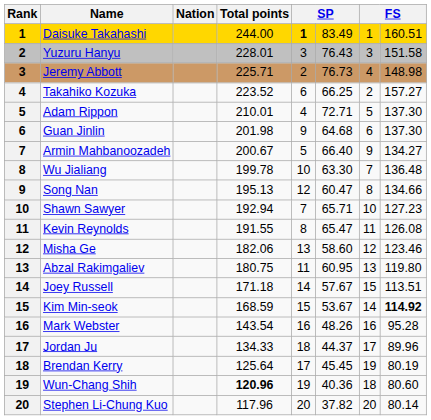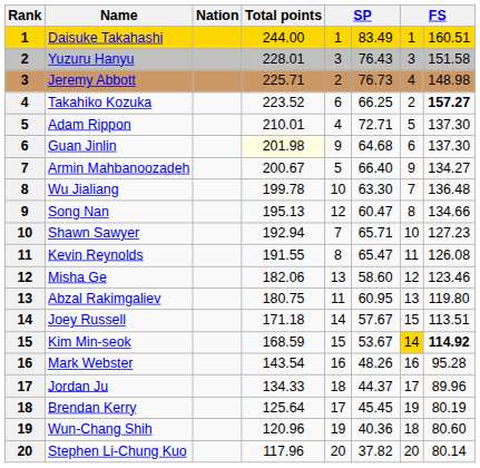 <table class="wikitable sortable">
 <tr>
 <th>Rank</th>
 <th>Name</th>
 <th>Nation</th>
 <th>Total points</th>
 <th colspan="2" width="80px"><a href='#'>SP</a></th>
 <th colspan="2" width="80px"><a href='#'>FS</a></th>
 </tr>
 <tr bgcolor="gold">
 <td align="center"><strong>1</strong></td>
 <td><a href='#'>Daisuke Takahashi</a></td>
 <td></td>
 <td align="center">244.00</td>
-<td align="center"><strong>1</strong></td>
+<td align="center">1</td>
 <td align="center">83.49</td>
 <td align="center">1</td>
 <td align="center">160.51</td>
 </tr>
 <tr bgcolor="silver">
 <td align="center"><strong>2</strong></td>
 <td><a href='#'>Yuzuru Hanyu</a></td>
 <td></td>
 <td align="center">228.01</td>
 <td align="center">3</td>
 <td align="center">76.43</td>
 <td align="center">3</td>
 <td align="center">151.58</td>
 </tr>
 <tr bgcolor="cc9966">
 <td align="center"><strong>3</strong></td>
 <td><a href='#'>Jeremy Abbott</a></td>
 <td></td>
 <td align="center">225.71</td>
 <td align="center">2</td>
 <td align="center">76.73</td>
 <td align="center">4</td>
 <td align="center">148.98</td>
 </tr>
 <tr>
 <th>4</th>
 <td><a href='#'>Takahiko Kozuka</a></td>
 <td></td>
 <td align="center">223.52</td>
 <td align="center">6</td>
 <td align="center">66.25</td>
 <td align="center">2</td>
-<td align="center">157.27</td>
+<td align="center"><strong>157.27</strong></td>
 </tr>
 <tr>
 <th>5</th>
 <td><a href='#'>Adam Rippon</a></td>
 <td></td>
 <td align="center">210.01</td>
 <td align="center">4</td>
 <td align="center">72.71</td>
 <td align="center">5</td>
 <td align="center">137.30</td>
 </tr>
 <tr>
 <th>6</th>
 <td><a href='#'>Guan Jinlin</a></td>
 <td></td>
-<td align="center">201.98</td>
+<td align="center" style="background: lightyellow;">201.98</td>
 <td align="center">9</td>
 <td align="center">64.68</td>
 <td align="center">6</td>
 <td align="center">137.30</td>
 </tr>
 <tr>
 <th>7</th>
 <td><a href='#'>Armin Mahbanoozadeh</a></td>
 <td></td>
 <td align="center">200.67</td>
 <td align="center">5</td>
 <td align="center">66.40</td>
 <td align="center">9</td>
 <td align="center">134.27</td>
 </tr>
 <tr>
 <th>8</th>
 <td><a href='#'>Wu Jialiang</a></td>
 <td></td>
 <td align="center">199.78</td>
 <td align="center">10</td>
 <td align="center">63.30</td>
 <td align="center">7</td>
 <td align="center">136.48</td>
 </tr>
 <tr>
 <th>9</th>
 <td><a href='#'>Song Nan</a></td>
 <td></td>
 <td align="center">195.13</td>
 <td align="center">12</td>
 <td align="center">60.47</td>
 <td align="center">8</td>
 <td align="center">134.66</td>
 </tr>
 <tr>
 <th>10</th>
 <td><a href='#'>Shawn Sawyer</a></td>
 <td></td>
 <td align="center">192.94</td>
 <td align="center">7</td>
 <td align="center">65.71</td>
 <td align="center">10</td>
 <td align="center">127.23</td>
 </tr>
 <tr>
 <th>11</th>
 <td><a href='#'>Kevin Reynolds</a></td>
 <td></td>
 <td align="center">191.55</td>
 <td align="center">8</td>
 <td align="center">65.47</td>
 <td align="center">11</td>
 <td align="center">126.08</td>
 </tr>
 <tr>
 <th>12</th>
 <td><a href='#'>Misha Ge</a></td>
 <td></td>
 <td align="center">182.06</td>
 <td align="center">13</td>
 <td align="center">58.60</td>
 <td align="center">12</td>
 <td align="center">123.46</td>
 </tr>
 <tr>
 <th>13</th>
 <td><a href='#'>Abzal Rakimgaliev</a></td>
 <td></td>
 <td align="center">180.75</td>
 <td align="center">11</td>
 <td align="center">60.95</td>
 <td align="center">13</td>
 <td align="center">119.80</td>
 </tr>
 <tr>
 <th>14</th>
 <td><a href='#'>Joey Russell</a></td>
 <td></td>
 <td align="center">171.18</td>
 <td align="center">14</td>
 <td align="center">57.67</td>
 <td align="center">15</td>
 <td align="center">113.51</td>
 </tr>
 <tr>
 <th>15</th>
 <td><a href='#'>Kim Min-seok</a></td>
 <td></td>
 <td align="center">168.59</td>
 <td align="center">15</td>
 <td align="center">53.67</td>
-<td align="center">14</td>
+<td align="center" style="background: gold;">14</td>
 <td align="center"><strong>114.92</strong></td>
 </tr>
 <tr>
 <th>16</th>
 <td><a href='#'>Mark Webster</a></td>
 <td></td>
 <td align="center">143.54</td>
 <td align="center">16</td>
 <td align="center">48.26</td>
 <td align="center">16</td>
 <td align="center">95.28</td>
 </tr>
 <tr>
 <th>17</th>
 <td><a href='#'>Jordan Ju</a></td>
 <td></td>
 <td align="center">134.33</td>
 <td align="center">18</td>
 <td align="center">44.37</td>
 <td align="center">17</td>
 <td align="center">89.96</td>
 </tr>
 <tr>
 <th>18</th>
 <td><a href='#'>Brendan Kerry</a></td>
 <td></td>
 <td align="center">125.64</td>
 <td align="center">17</td>
 <td align="center">45.45</td>
 <td align="center">19</td>
 <td align="center">80.19</td>
 </tr>
 <tr>
 <th>19</th>
 <td><a href='#'>Wun-Chang Shih</a></td>
 <td></td>
-<td align="center"><strong>120.96</strong></td>
+<td align="center">120.96</td>
 <td align="center">19</td>
 <td align="center">40.36</td>
 <td align="center">18</td>
 <td align="center">80.60</td>
 </tr>
 <tr>
 <th>20</th>
 <td><a href='#'>Stephen Li-Chung Kuo</a></td>
 <td></td>
 <td align="center">117.96</td>
 <td align="center">20</td>
 <td align="center">37.82</td>
 <td align="center">20</td>
 <td align="center">80.14</td>
 </tr>
 </table>
